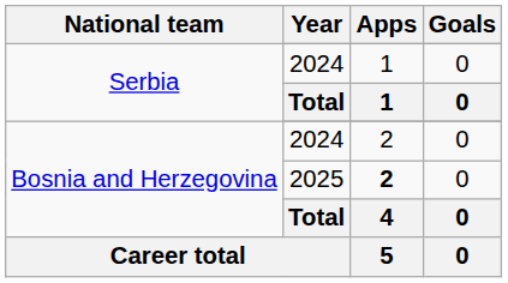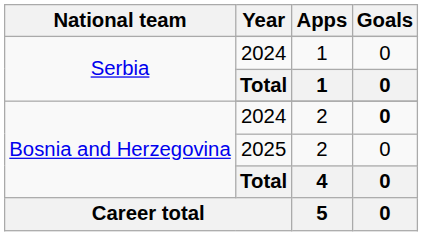 <table class="wikitable" style="text-align:center">
 <tr>
 <th>National team</th>
 <th>Year</th>
 <th>Apps</th>
 <th>Goals</th>
 </tr>
 <tr>
 <td rowspan=3><a href='#'>Serbia</a></td>
 </tr>
 <tr>
 <td>2024</td>
 <td>1</td>
 <td>0</td>
 </tr>
 <tr>
 <th>Total</th>
 <th>1</th>
 <th>0</th>
 </tr>
 <tr>
 <td rowspan=4><a href='#'>Bosnia and Herzegovina</a></td>
 </tr>
 <tr>
 <td>2024</td>
 <td>2</td>
-<td>0</td>
+<td><strong>0</strong></td>
 </tr>
 <tr>
 <td>2025</td>
-<td><strong>2</strong></td>
+<td>2</td>
 <td>0</td>
 </tr>
 <tr>
 <th>Total</th>
 <th>4</th>
 <th>0</th>
 </tr>
 <tr>
 <th colspan=2>Career total</th>
 <th>5</th>
 <th>0</th>
 </tr>
 </table>
